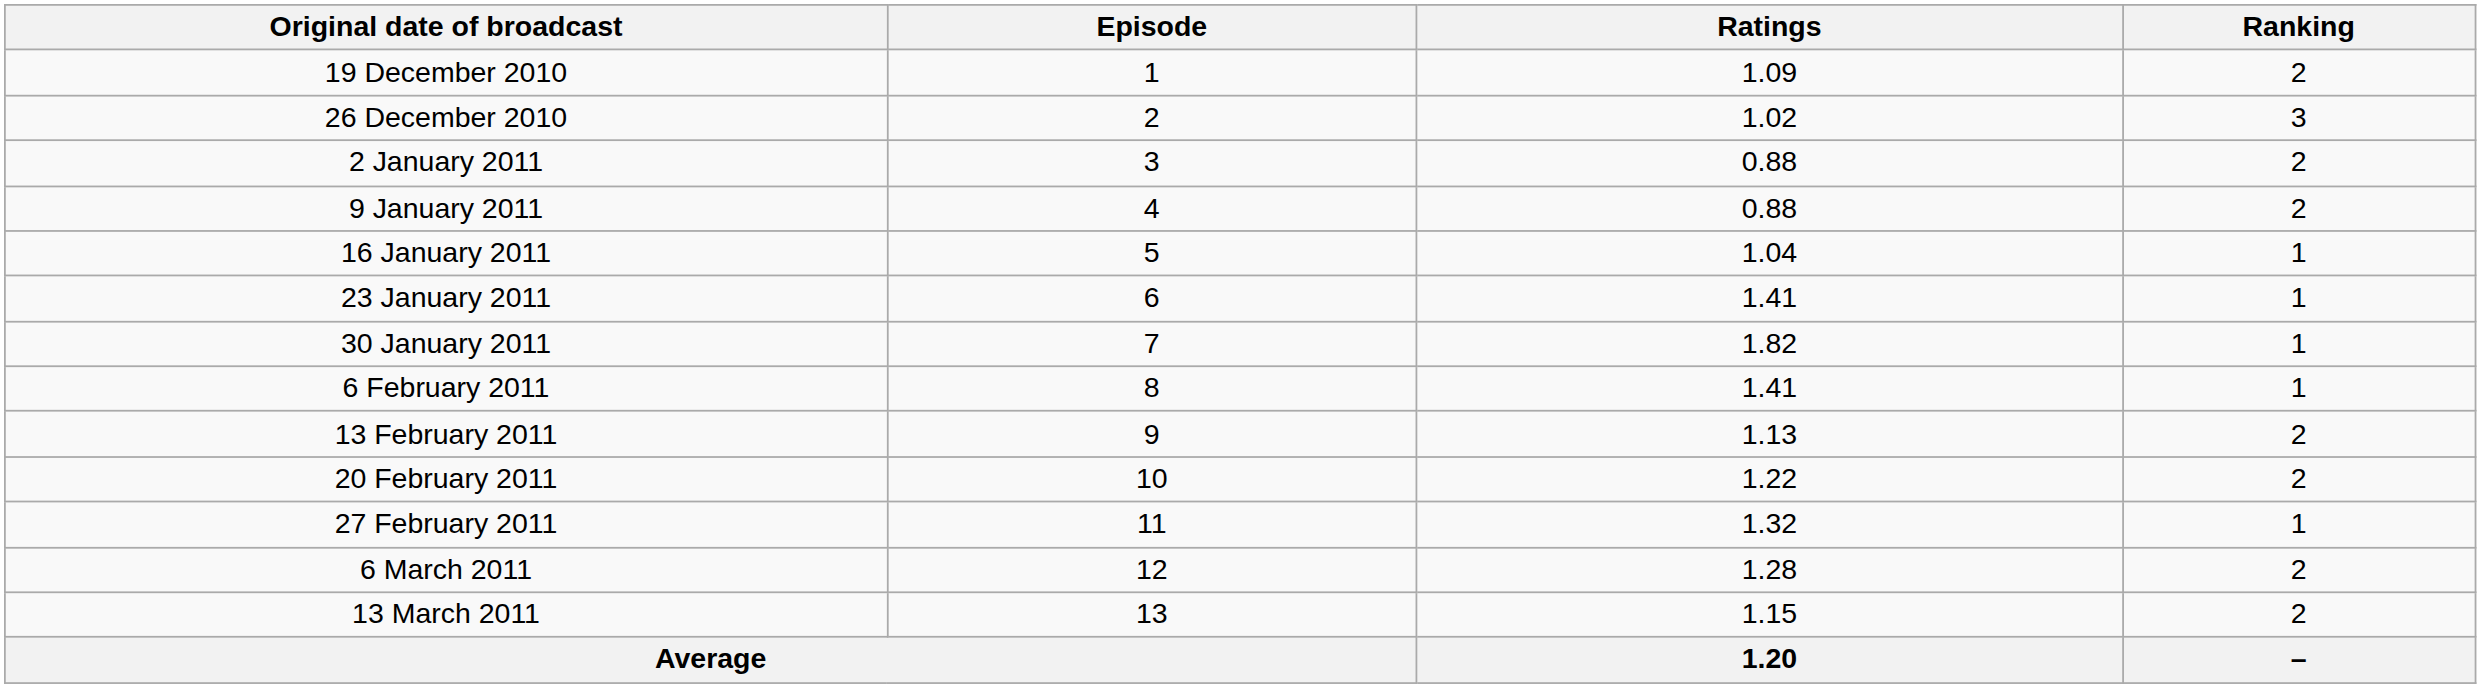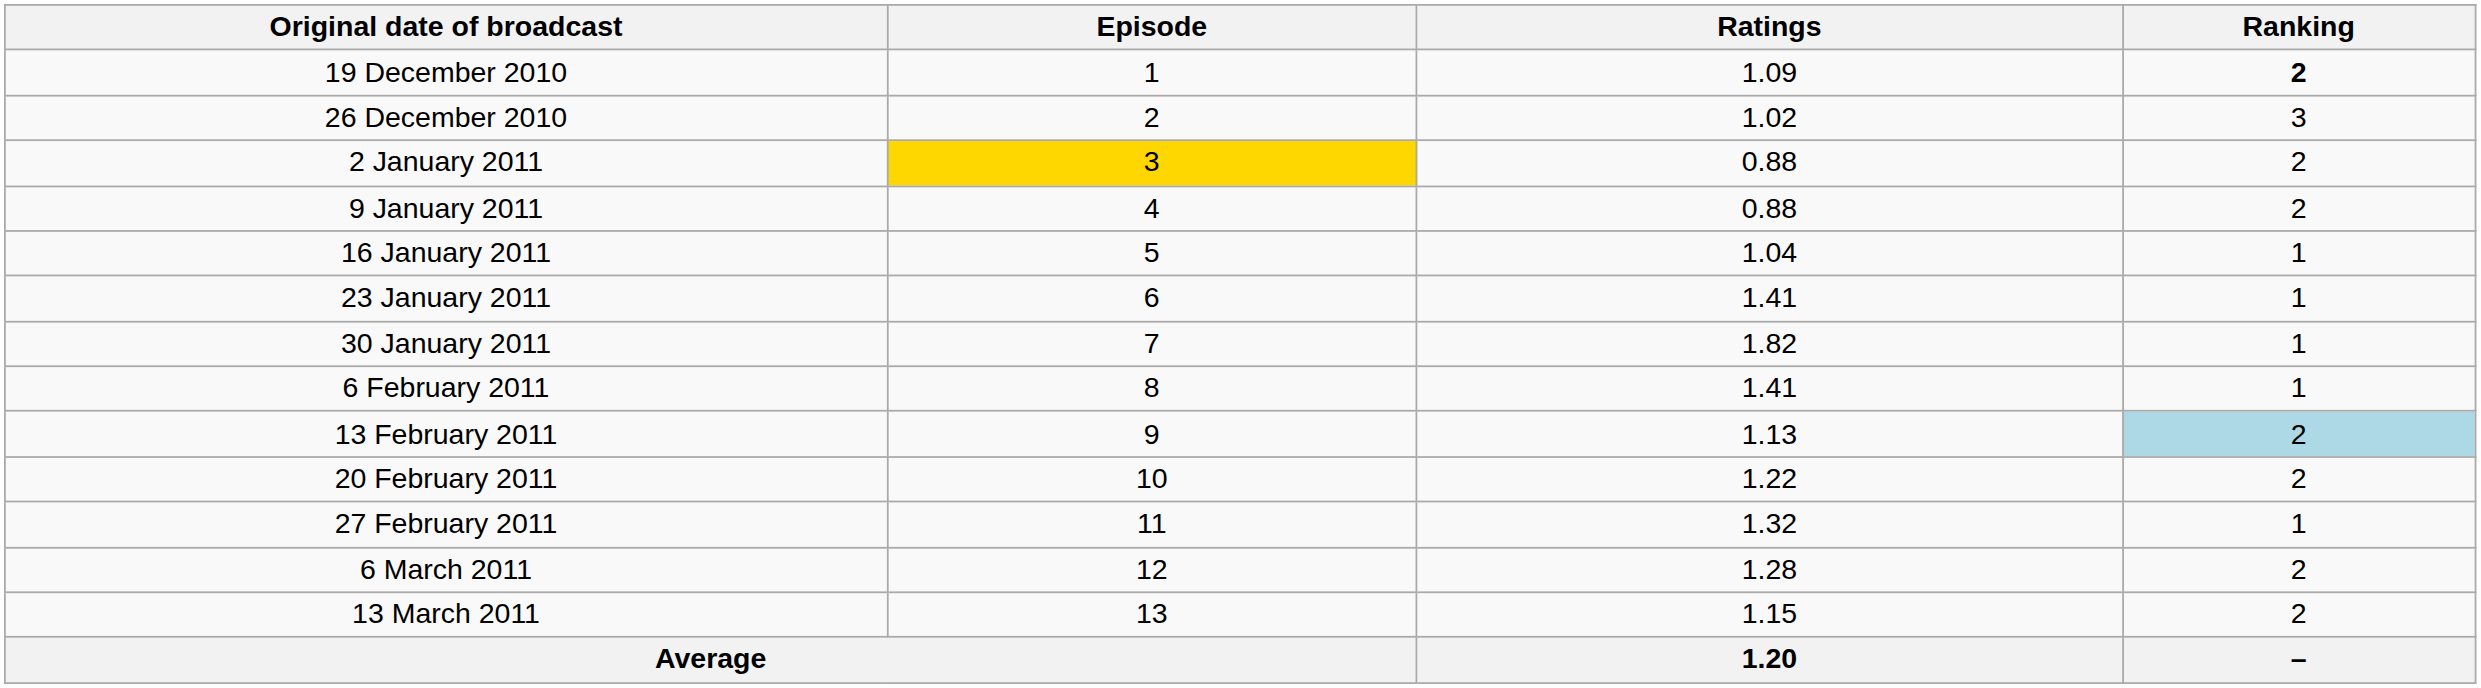 <table class="wikitable" width="70%" style="text-align:center">
 <tr>
 <th width="25%">Original date of broadcast</th>
 <th width="15%">Episode</th>
 <th width="20%">Ratings</th>
 <th width="10%">Ranking</th>
 </tr>
 <tr>
 <td>19 December 2010</td>
 <td>1</td>
 <td>1.09</td>
-<td>2</td>
+<td><strong>2</strong></td>
 </tr>
 <tr>
 <td>26 December 2010</td>
 <td>2</td>
 <td>1.02</td>
 <td>3</td>
 </tr>
 <tr>
 <td>2 January 2011</td>
-<td>3</td>
+<td style="background: gold;">3</td>
 <td>0.88</td>
 <td>2</td>
 </tr>
 <tr>
 <td>9 January 2011</td>
 <td>4</td>
 <td>0.88</td>
 <td>2</td>
 </tr>
 <tr>
 <td>16 January 2011</td>
 <td>5</td>
 <td>1.04</td>
 <td>1</td>
 </tr>
 <tr>
 <td>23 January 2011</td>
 <td>6</td>
 <td>1.41</td>
 <td>1</td>
 </tr>
 <tr>
 <td>30 January 2011</td>
 <td>7</td>
 <td>1.82</td>
 <td>1</td>
 </tr>
 <tr>
 <td>6 February 2011</td>
 <td>8</td>
 <td>1.41</td>
 <td>1</td>
 </tr>
 <tr>
 <td>13 February 2011</td>
 <td>9</td>
 <td>1.13</td>
-<td>2</td>
+<td style="background: lightblue;">2</td>
 </tr>
 <tr>
 <td>20 February 2011</td>
 <td>10</td>
 <td>1.22</td>
 <td>2</td>
 </tr>
 <tr>
 <td>27 February 2011</td>
 <td>11</td>
 <td>1.32</td>
 <td>1</td>
 </tr>
 <tr>
 <td>6 March 2011</td>
 <td>12</td>
 <td>1.28</td>
 <td>2</td>
 </tr>
 <tr>
 <td>13 March 2011</td>
 <td>13</td>
 <td>1.15</td>
 <td>2</td>
 </tr>
 <tr>
 <th colspan=2>Average</th>
 <th>1.20</th>
 <th>–</th>
 </tr>
 </table>
